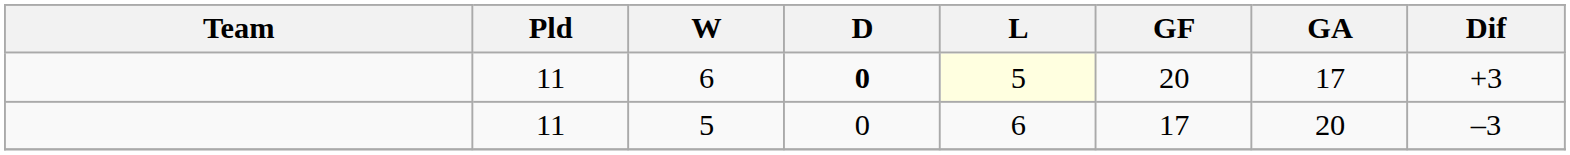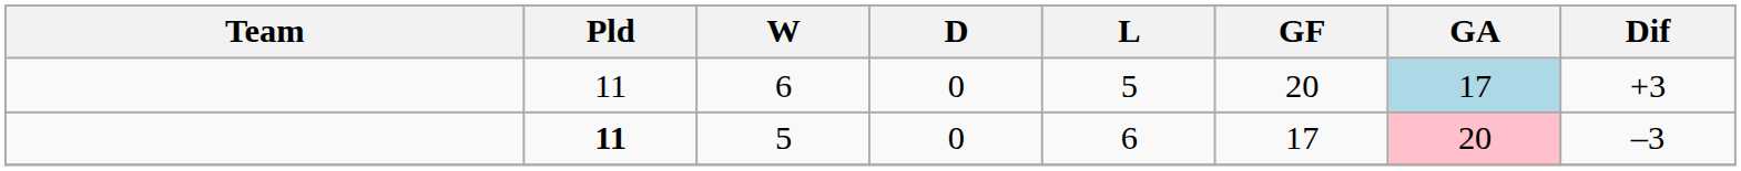 <table class="wikitable sortable" width=65% style="text-align:center">
 <tr>
 <th width=15%>Team</th>
 <th width=5%>Pld</th>
 <th width=5%>W</th>
 <th width=5%>D</th>
 <th width=5%>L</th>
 <th width=5%>GF</th>
 <th width=5%>GA</th>
 <th width=5%>Dif</th>
 </tr>
 <tr>
 <td style="text-align:left;"></td>
 <td>11</td>
 <td>6</td>
-<td><strong>0</strong></td>
-<td style="background: lightyellow;">5</td>
+<td>0</td>
+<td>5</td>
 <td>20</td>
-<td>17</td>
+<td style="background: lightblue;">17</td>
 <td>+3</td>
 </tr>
 <tr>
 <td style="text-align:left;"></td>
-<td>11</td>
+<td><strong>11</strong></td>
 <td>5</td>
 <td>0</td>
 <td>6</td>
 <td>17</td>
-<td>20</td>
+<td style="background: pink;">20</td>
 <td>–3</td>
 </tr>
 <tr>
 </tr>
 </table>
